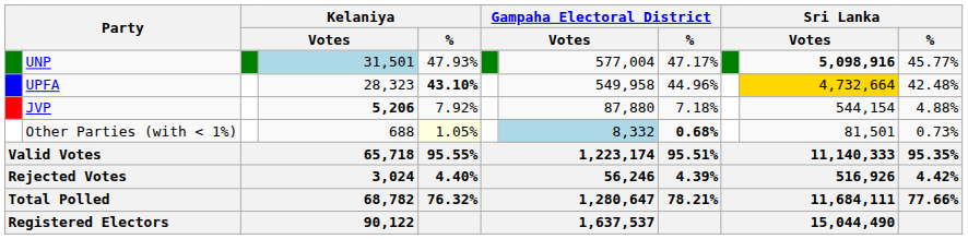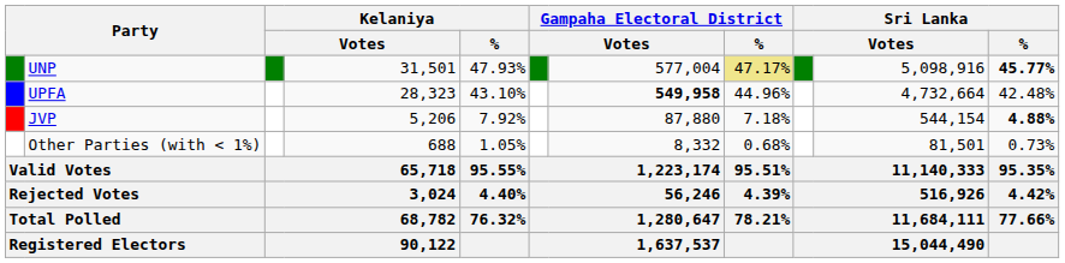 <table class="wikitable">
 <tr>
 <th colspan="2" width="144px"rowspan="2">Party</th>
 <th colspan="3" width="216px">Kelaniya</th>
 <th colspan="3" width="216px"><a href='#'>Gampaha Electoral District</a></th>
 <th colspan="3" width="216px">Sri Lanka</th>
 </tr>
 <tr>
 <th colspan="2" width="144px">Votes</th>
 <th>%</th>
 <th colspan="2" width="144px">Votes</th>
 <th>%</th>
 <th colspan="2" width="144px">Votes</th>
 <th>%</th>
 </tr>
 <tr>
 <td style="background-color:green;" width="10px"></td>
 <td style="text-align:left;"><a href='#'>UNP</a></td>
 <td style="background-color:green;" width="10px"></td>
-<td style="background: lightblue; text-align:right;">31,501</td>
+<td style="text-align:right;">31,501</td>
 <td style="text-align:right;">47.93%</td>
 <td style="background-color:green;" width="10px"></td>
 <td style="text-align:right;">577,004</td>
-<td style="text-align:right;">47.17%</td>
+<td style="background: khaki; text-align:right;">47.17%</td>
 <td style="background-color:green;" width="10px"></td>
-<td style="text-align:right;"><strong>5,098,916</strong></td>
-<td style="text-align:right;">45.77%</td>
+<td style="text-align:right;">5,098,916</td>
+<td style="text-align:right;"><strong>45.77%</strong></td>
 </tr>
 <tr>
 <td style="background-color:blue;" width="10px"></td>
 <td style="text-align:left;"><a href='#'>UPFA</a></td>
 <td style="background-color:white;" width="10px"></td>
 <td style="text-align:right;">28,323</td>
-<td style="text-align:right;"><strong>43.10%</strong></td>
+<td style="text-align:right;">43.10%</td>
 <td style="background-color:white;" width="10px"></td>
-<td style="text-align:right;">549,958</td>
+<td style="text-align:right;"><strong>549,958</strong></td>
 <td style="text-align:right;">44.96%</td>
 <td style="background-color:white;" width="10px"></td>
-<td style="background: gold; text-align:right;">4,732,664</td>
+<td style="text-align:right;">4,732,664</td>
 <td style="text-align:right;">42.48%</td>
 </tr>
 <tr>
 <td style="background-color:red;" width="10px"></td>
 <td style="text-align:left;"><a href='#'>JVP</a></td>
 <td style="background-color:white;" width="10px"></td>
-<td style="text-align:right;"><strong>5,206</strong></td>
+<td style="text-align:right;">5,206</td>
 <td style="text-align:right;">7.92%</td>
 <td style="background-color:white;" width="10px"></td>
 <td style="text-align:right;">87,880</td>
 <td style="text-align:right;">7.18%</td>
 <td style="background-color:white;" width="10px"></td>
 <td style="text-align:right;">544,154</td>
-<td style="text-align:right;">4.88%</td>
+<td style="text-align:right;"><strong>4.88%</strong></td>
 </tr>
 <tr>
 <td style="background-color:white;" width="10px"></td>
 <td style="text-align:left;">Other Parties (with < 1%)</td>
 <td style="background-color:white;" width="10px"></td>
 <td style="text-align:right;">688</td>
-<td style="background: lightyellow; text-align:right;">1.05%</td>
+<td style="text-align:right;">1.05%</td>
 <td style="background-color:white;" width="10px"></td>
-<td style="background: lightblue; text-align:right;">8,332</td>
-<td style="text-align:right;"><strong>0.68%</strong></td>
+<td style="text-align:right;">8,332</td>
+<td style="text-align:right;">0.68%</td>
 <td style="background-color:white;" width="10px"></td>
 <td style="text-align:right;">81,501</td>
 <td style="text-align:right;">0.73%</td>
 </tr>
 <tr>
 <th colspan="2" width="144px"style="text-align:left;">Valid Votes</th>
 <th style="text-align:right;"colspan="2" width="144px">65,718</th>
 <th style="text-align:right;">95.55%</th>
 <th style="text-align:right;"colspan="2" width="144px">1,223,174</th>
 <th style="text-align:right;">95.51%</th>
 <th style="text-align:right;"colspan="2" width="144px">11,140,333</th>
 <th style="text-align:right;">95.35%</th>
 </tr>
 <tr>
 <th colspan="2" width="144px"style="text-align:left;">Rejected Votes</th>
 <th style="text-align:right;"colspan="2" width="144px">3,024</th>
 <th style="text-align:right;">4.40%</th>
 <th style="text-align:right;"colspan="2" width="144px">56,246</th>
 <th style="text-align:right;">4.39%</th>
 <th style="text-align:right;"colspan="2" width="144px">516,926</th>
 <th style="text-align:right;">4.42%</th>
 </tr>
 <tr>
 <th colspan="2" width="144px"style="text-align:left;">Total Polled</th>
 <th style="text-align:right;"colspan="2" width="144px">68,782</th>
 <th style="text-align:right;">76.32%</th>
 <th style="text-align:right;"colspan="2" width="144px">1,280,647</th>
 <th style="text-align:right;">78.21%</th>
 <th style="text-align:right;"colspan="2" width="144px">11,684,111</th>
 <th style="text-align:right;">77.66%</th>
 </tr>
 <tr>
 <th colspan="2" width="144px"style="text-align:left;">Registered Electors</th>
 <th style="text-align:right;"colspan="2" width="144px">90,122</th>
 <th></th>
 <th style="text-align:right;"colspan="2" width="144px">1,637,537</th>
 <th></th>
 <th style="text-align:right;"colspan="2" width="144px">15,044,490</th>
 <th></th>
 </tr>
 </table>
